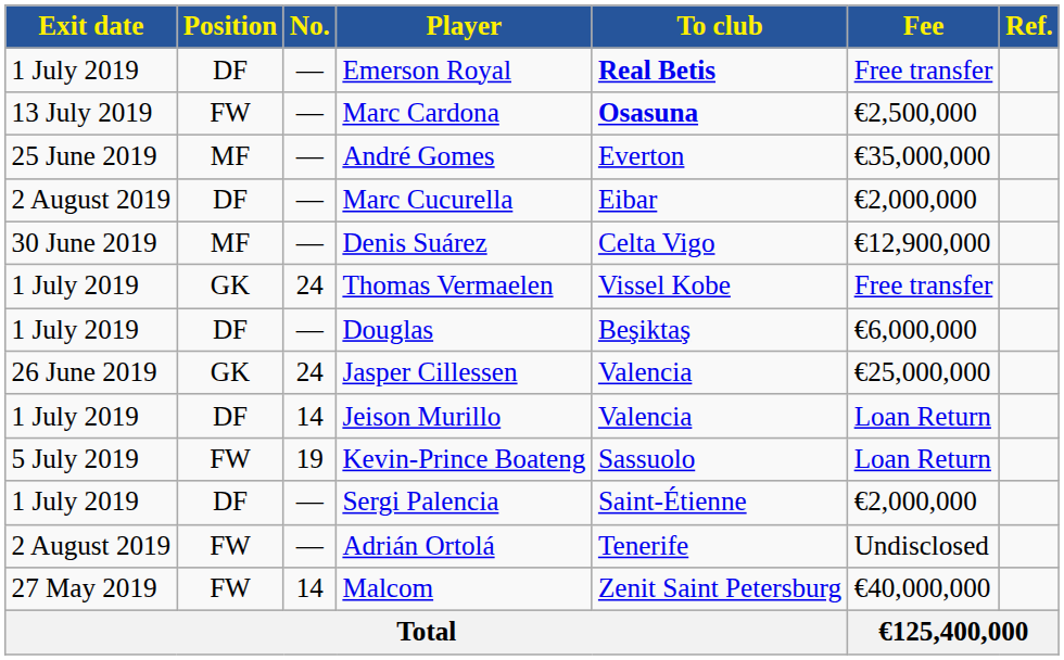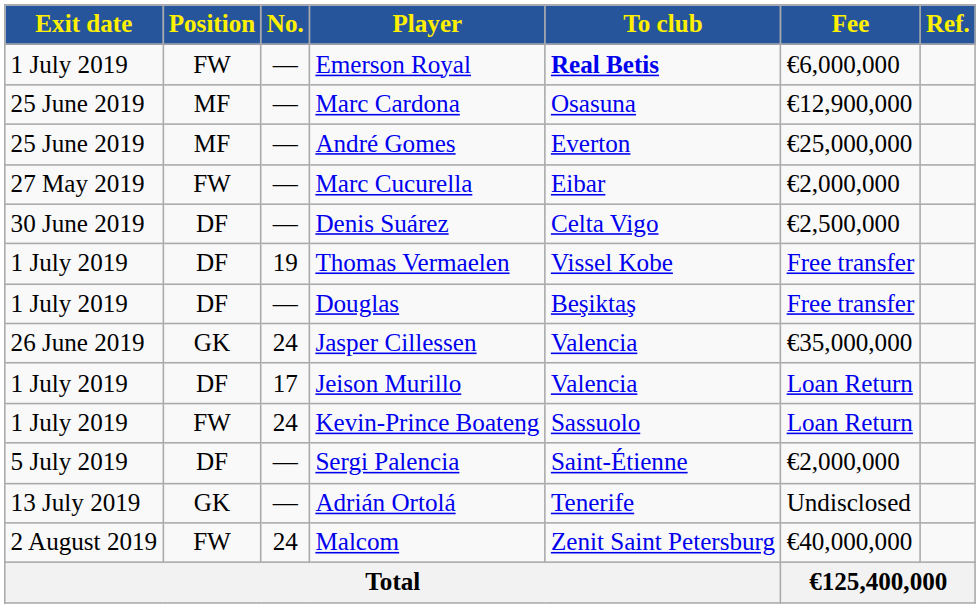 <table class="wikitable sortable">
 <tr>
 <th style="background:#26559B; color:#FFF000; ">Exit date</th>
 <th style="background:#26559B; color:#FFF000; ">Position</th>
 <th style="background:#26559B; color:#FFF000; ">No.</th>
 <th style="background:#26559B; color:#FFF000; ">Player</th>
 <th style="background:#26559B; color:#FFF000; ">To club</th>
 <th style="background:#26559B; color:#FFF000; ">Fee</th>
 <th style="background:#26559B; color:#FFF000; ">Ref.</th>
 </tr>
 <tr>
 <td>1 July 2019</td>
-<td style="text-align:center;">DF</td>
+<td style="text-align:center;">FW</td>
 <td style="text-align:center;">—</td>
 <td style="text-align:left;"> <a href='#'>Emerson Royal</a></td>
 <td style="text-align:left;"><strong> <a href='#'>Real Betis</a></strong></td>
-<td><a href='#'>Free transfer</a></td>
+<td>€6,000,000</td>
 <td></td>
 </tr>
 <tr>
-<td>13 July 2019</td>
-<td style="text-align:center;">FW</td>
+<td>25 June 2019</td>
+<td style="text-align:center;">MF</td>
 <td style="text-align:center;">—</td>
 <td style="text-align:left;"> <a href='#'>Marc Cardona</a></td>
-<td style="text-align:left;"><strong> <a href='#'>Osasuna</a></strong></td>
-<td>€2,500,000</td>
+<td style="text-align:left;"> <a href='#'>Osasuna</a></td>
+<td>€12,900,000 </td>
 <td></td>
 </tr>
 <tr>
 <td>25 June 2019</td>
 <td style="text-align:center;">MF</td>
 <td style="text-align:center;">—</td>
 <td style="text-align:left;"> <a href='#'>André Gomes</a></td>
 <td style="text-align:left;"> <a href='#'>Everton</a></td>
-<td>€35,000,000</td>
+<td>€25,000,000 </td>
 <td></td>
 </tr>
 <tr>
-<td>2 August 2019</td>
-<td style="text-align:center;">DF</td>
+<td>27 May 2019</td>
+<td style="text-align:center;">FW</td>
 <td style="text-align:center;">—</td>
 <td style="text-align:left;"> <a href='#'>Marc Cucurella</a></td>
 <td style="text-align:left;"> <a href='#'>Eibar</a></td>
 <td>€2,000,000</td>
 <td></td>
 </tr>
 <tr>
 <td>30 June 2019</td>
-<td style="text-align:center;">MF</td>
+<td style="text-align:center;">DF</td>
 <td style="text-align:center;">—</td>
 <td style="text-align:left;"> <a href='#'>Denis Suárez</a></td>
 <td style="text-align:left;"> <a href='#'>Celta Vigo</a></td>
-<td>€12,900,000 </td>
+<td>€2,500,000</td>
 <td></td>
 </tr>
 <tr>
 <td>1 July 2019</td>
-<td style="text-align:center;">GK</td>
-<td style="text-align:center;">24</td>
+<td style="text-align:center;">DF</td>
+<td style="text-align:center;">19</td>
 <td style="text-align:left;"> <a href='#'>Thomas Vermaelen</a></td>
 <td style="text-align:left;"> <a href='#'>Vissel Kobe</a></td>
 <td><a href='#'>Free transfer</a></td>
 <td></td>
 </tr>
 <tr>
 <td>1 July 2019</td>
 <td style="text-align:center;">DF</td>
 <td style="text-align:center;">—</td>
 <td style="text-align:left;"> <a href='#'>Douglas</a></td>
 <td style="text-align:left;"> <a href='#'>Beşiktaş</a></td>
-<td>€6,000,000</td>
+<td><a href='#'>Free transfer</a></td>
 <td></td>
 </tr>
 <tr>
 <td>26 June 2019</td>
 <td style="text-align:center;">GK</td>
 <td style="text-align:center;">24</td>
 <td style="text-align:left;"> <a href='#'>Jasper Cillessen</a></td>
 <td style="text-align:left;"> <a href='#'>Valencia</a></td>
-<td>€25,000,000 </td>
+<td>€35,000,000</td>
 <td></td>
 </tr>
 <tr>
 <td>1 July 2019</td>
 <td style="text-align:center;">DF</td>
-<td style="text-align:center;">14</td>
+<td style="text-align:center;">17</td>
 <td style="text-align:left;"> <a href='#'>Jeison Murillo</a></td>
 <td style="text-align:left;"> <a href='#'>Valencia</a></td>
 <td><a href='#'>Loan Return</a></td>
 <td></td>
 </tr>
 <tr>
-<td>5 July 2019</td>
+<td>1 July 2019</td>
 <td style="text-align:center;">FW</td>
-<td style="text-align:center;">19</td>
+<td style="text-align:center;">24</td>
 <td style="text-align:left;"> <a href='#'>Kevin-Prince Boateng</a></td>
 <td style="text-align:left;"> <a href='#'>Sassuolo</a></td>
 <td><a href='#'>Loan Return</a></td>
 <td></td>
 </tr>
 <tr>
-<td>1 July 2019</td>
+<td>5 July 2019</td>
 <td style="text-align:center;">DF</td>
 <td style="text-align:center;">—</td>
 <td style="text-align:left;"> <a href='#'>Sergi Palencia</a></td>
 <td style="text-align:left;"> <a href='#'>Saint-Étienne</a></td>
 <td>€2,000,000 </td>
 <td></td>
 </tr>
 <tr>
-<td>2 August 2019</td>
-<td style="text-align:center;">FW</td>
+<td>13 July 2019</td>
+<td style="text-align:center;">GK</td>
 <td style="text-align:center;">—</td>
 <td style="text-align:left;"> <a href='#'>Adrián Ortolá</a></td>
 <td style="text-align:left;"> <a href='#'>Tenerife</a></td>
 <td>Undisclosed</td>
 <td></td>
 </tr>
 <tr>
-<td>27 May 2019</td>
+<td>2 August 2019</td>
 <td style="text-align:center;">FW</td>
-<td style="text-align:center;">14</td>
+<td style="text-align:center;">24</td>
 <td style="text-align:left;"> <a href='#'>Malcom</a></td>
 <td style="text-align:left;"> <a href='#'>Zenit Saint Petersburg</a></td>
 <td>€40,000,000 </td>
 <td></td>
 </tr>
 <tr>
 <th colspan="5">Total</th>
 <th colspan="2">€125,400,000</th>
 </tr>
 </table>
